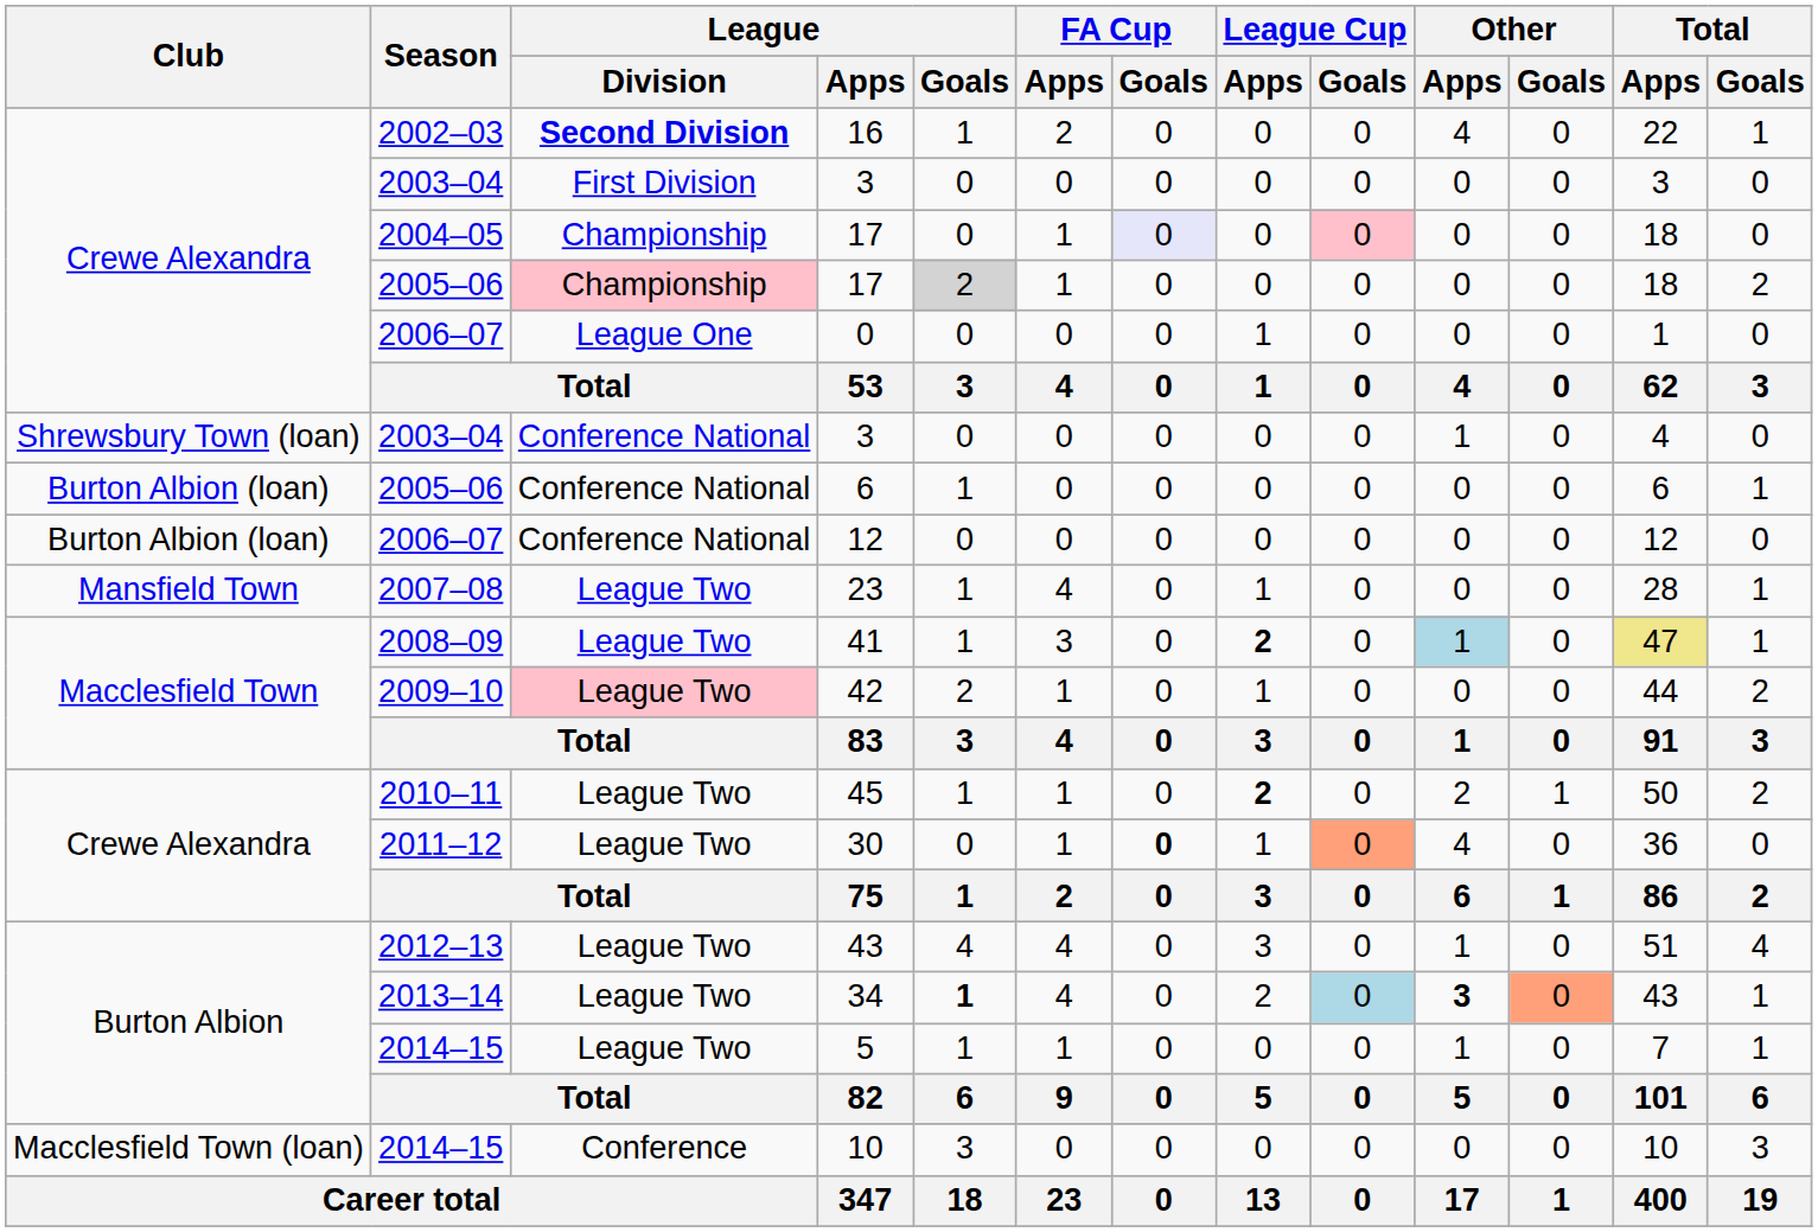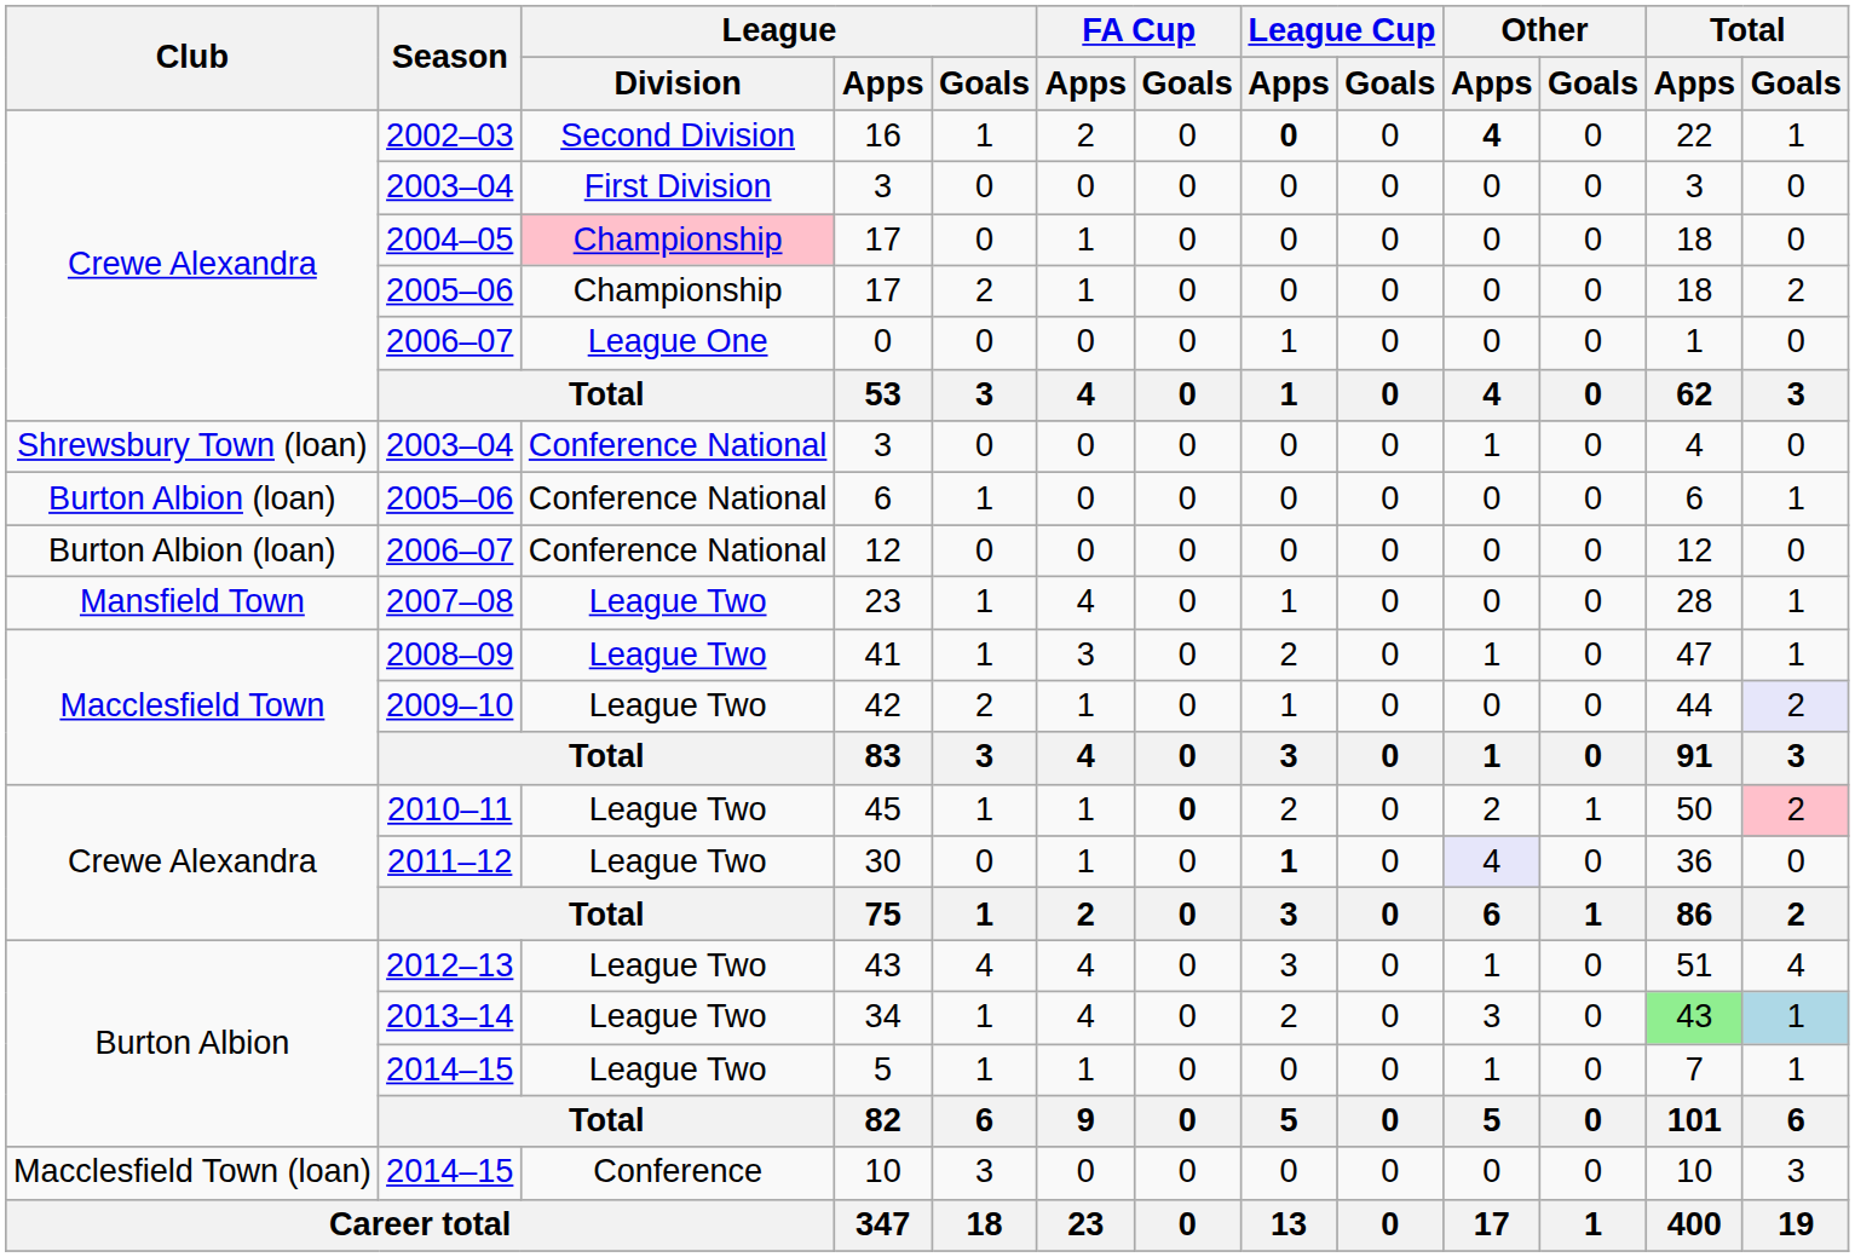 <table class="wikitable" style="text-align: center;">
 <tr>
 <th rowspan=2>Club</th>
 <th rowspan=2>Season</th>
 <th colspan=3>League</th>
 <th colspan=2><a href='#'>FA Cup</a></th>
 <th colspan=2><a href='#'>League Cup</a></th>
 <th colspan=2>Other</th>
 <th colspan=2>Total</th>
 </tr>
 <tr>
 <th>Division</th>
 <th>Apps</th>
 <th>Goals</th>
 <th>Apps</th>
 <th>Goals</th>
 <th>Apps</th>
 <th>Goals</th>
 <th>Apps</th>
 <th>Goals</th>
 <th>Apps</th>
 <th>Goals</th>
 </tr>
 <tr>
 <td rowspan="6"><a href='#'>Crewe Alexandra</a></td>
 <td><a href='#'>2002–03</a></td>
-<td><strong><a href='#'>Second Division</a></strong></td>
+<td><a href='#'>Second Division</a></td>
 <td>16</td>
 <td>1</td>
 <td>2</td>
 <td>0</td>
+<td><strong>0</strong></td>
 <td>0</td>
-<td>0</td>
-<td>4</td>
+<td><strong>4</strong></td>
 <td>0</td>
 <td>22</td>
 <td>1</td>
 </tr>
 <tr>
 <td><a href='#'>2003–04</a></td>
 <td><a href='#'>First Division</a></td>
 <td>3</td>
 <td>0</td>
 <td>0</td>
 <td>0</td>
 <td>0</td>
 <td>0</td>
 <td>0</td>
 <td>0</td>
 <td>3</td>
 <td>0</td>
 </tr>
 <tr>
 <td><a href='#'>2004–05</a></td>
-<td><a href='#'>Championship</a></td>
+<td style="background: pink;"><a href='#'>Championship</a></td>
 <td>17</td>
 <td>0</td>
 <td>1</td>
-<td style="background: lavender;">0</td>
 <td>0</td>
-<td style="background: pink;">0</td>
+<td>0</td>
+<td>0</td>
 <td>0</td>
 <td>0</td>
 <td>18</td>
 <td>0</td>
 </tr>
 <tr>
 <td><a href='#'>2005–06</a></td>
-<td style="background: pink;">Championship</td>
+<td>Championship</td>
 <td>17</td>
-<td style="background: lightgrey;">2</td>
+<td>2</td>
 <td>1</td>
 <td>0</td>
 <td>0</td>
 <td>0</td>
 <td>0</td>
 <td>0</td>
 <td>18</td>
 <td>2</td>
 </tr>
 <tr>
 <td><a href='#'>2006–07</a></td>
 <td><a href='#'>League One</a></td>
 <td>0</td>
 <td>0</td>
 <td>0</td>
 <td>0</td>
 <td>1</td>
 <td>0</td>
 <td>0</td>
 <td>0</td>
 <td>1</td>
 <td>0</td>
 </tr>
 <tr>
 <th colspan="2">Total</th>
 <th>53</th>
 <th>3</th>
 <th>4</th>
 <th>0</th>
 <th>1</th>
 <th>0</th>
 <th>4</th>
 <th>0</th>
 <th>62</th>
 <th>3</th>
 </tr>
 <tr>
 <td><a href='#'>Shrewsbury Town</a> (loan)</td>
 <td><a href='#'>2003–04</a></td>
 <td><a href='#'>Conference National</a></td>
 <td>3</td>
 <td>0</td>
 <td>0</td>
 <td>0</td>
 <td>0</td>
 <td>0</td>
 <td>1</td>
 <td>0</td>
 <td>4</td>
 <td>0</td>
 </tr>
 <tr>
 <td><a href='#'>Burton Albion</a> (loan)</td>
 <td><a href='#'>2005–06</a></td>
 <td>Conference National</td>
 <td>6</td>
 <td>1</td>
 <td>0</td>
 <td>0</td>
 <td>0</td>
 <td>0</td>
 <td>0</td>
 <td>0</td>
 <td>6</td>
 <td>1</td>
 </tr>
 <tr>
 <td>Burton Albion (loan)</td>
 <td><a href='#'>2006–07</a></td>
 <td>Conference National</td>
 <td>12</td>
 <td>0</td>
 <td>0</td>
 <td>0</td>
 <td>0</td>
 <td>0</td>
 <td>0</td>
 <td>0</td>
 <td>12</td>
 <td>0</td>
 </tr>
 <tr>
 <td><a href='#'>Mansfield Town</a></td>
 <td><a href='#'>2007–08</a></td>
 <td><a href='#'>League Two</a></td>
 <td>23</td>
 <td>1</td>
 <td>4</td>
 <td>0</td>
 <td>1</td>
 <td>0</td>
 <td>0</td>
 <td>0</td>
 <td>28</td>
 <td>1</td>
 </tr>
 <tr>
 <td rowspan="3"><a href='#'>Macclesfield Town</a></td>
 <td><a href='#'>2008–09</a></td>
 <td><a href='#'>League Two</a></td>
 <td>41</td>
 <td>1</td>
 <td>3</td>
 <td>0</td>
-<td><strong>2</strong></td>
+<td>2</td>
 <td>0</td>
-<td style="background: lightblue;">1</td>
+<td>1</td>
 <td>0</td>
-<td style="background: khaki;">47</td>
+<td>47</td>
 <td>1</td>
 </tr>
 <tr>
 <td><a href='#'>2009–10</a></td>
-<td style="background: pink;">League Two</td>
+<td>League Two</td>
 <td>42</td>
 <td>2</td>
 <td>1</td>
 <td>0</td>
 <td>1</td>
 <td>0</td>
 <td>0</td>
 <td>0</td>
 <td>44</td>
-<td>2</td>
+<td style="background: lavender;">2</td>
 </tr>
 <tr>
 <th colspan="2">Total</th>
 <th>83</th>
 <th>3</th>
 <th>4</th>
 <th>0</th>
 <th>3</th>
 <th>0</th>
 <th>1</th>
 <th>0</th>
 <th>91</th>
 <th>3</th>
 </tr>
 <tr>
 <td rowspan="3">Crewe Alexandra</td>
 <td><a href='#'>2010–11</a></td>
 <td>League Two</td>
 <td>45</td>
 <td>1</td>
 <td>1</td>
-<td>0</td>
-<td><strong>2</strong></td>
+<td><strong>0</strong></td>
+<td>2</td>
 <td>0</td>
 <td>2</td>
 <td>1</td>
 <td>50</td>
-<td>2</td>
+<td style="background: pink;">2</td>
 </tr>
 <tr>
 <td><a href='#'>2011–12</a></td>
 <td>League Two</td>
 <td>30</td>
 <td>0</td>
 <td>1</td>
-<td><strong>0</strong></td>
-<td>1</td>
-<td style="background: lightsalmon;">0</td>
-<td>4</td>
+<td>0</td>
+<td><strong>1</strong></td>
+<td>0</td>
+<td style="background: lavender;">4</td>
 <td>0</td>
 <td>36</td>
 <td>0</td>
 </tr>
 <tr>
 <th colspan="2">Total</th>
 <th>75</th>
 <th>1</th>
 <th>2</th>
 <th>0</th>
 <th>3</th>
 <th>0</th>
 <th>6</th>
 <th>1</th>
 <th>86</th>
 <th>2</th>
 </tr>
 <tr>
 <td rowspan="4">Burton Albion</td>
 <td><a href='#'>2012–13</a></td>
 <td>League Two</td>
 <td>43</td>
 <td>4</td>
 <td>4</td>
 <td>0</td>
 <td>3</td>
 <td>0</td>
 <td>1</td>
 <td>0</td>
 <td>51</td>
 <td>4</td>
 </tr>
 <tr>
 <td><a href='#'>2013–14</a></td>
 <td>League Two</td>
 <td>34</td>
-<td><strong>1</strong></td>
+<td>1</td>
 <td>4</td>
 <td>0</td>
 <td>2</td>
-<td style="background: lightblue;">0</td>
-<td><strong>3</strong></td>
-<td style="background: lightsalmon;">0</td>
-<td>43</td>
-<td>1</td>
+<td>0</td>
+<td>3</td>
+<td>0</td>
+<td style="background: lightgreen;">43</td>
+<td style="background: lightblue;">1</td>
 </tr>
 <tr>
 <td><a href='#'>2014–15</a></td>
 <td>League Two</td>
 <td>5</td>
 <td>1</td>
 <td>1</td>
 <td>0</td>
 <td>0</td>
 <td>0</td>
 <td>1</td>
 <td>0</td>
 <td>7</td>
 <td>1</td>
 </tr>
 <tr>
 <th colspan="2">Total</th>
 <th>82</th>
 <th>6</th>
 <th>9</th>
 <th>0</th>
 <th>5</th>
 <th>0</th>
 <th>5</th>
 <th>0</th>
 <th>101</th>
 <th>6</th>
 </tr>
 <tr>
 <td>Macclesfield Town (loan)</td>
 <td><a href='#'>2014–15</a></td>
 <td>Conference</td>
 <td>10</td>
 <td>3</td>
 <td>0</td>
 <td>0</td>
 <td>0</td>
 <td>0</td>
 <td>0</td>
 <td>0</td>
 <td>10</td>
 <td>3</td>
 </tr>
 <tr>
 <th colspan="3">Career total</th>
 <th>347</th>
 <th>18</th>
 <th>23</th>
 <th>0</th>
 <th>13</th>
 <th>0</th>
 <th>17</th>
 <th>1</th>
 <th>400</th>
 <th>19</th>
 </tr>
 </table>
